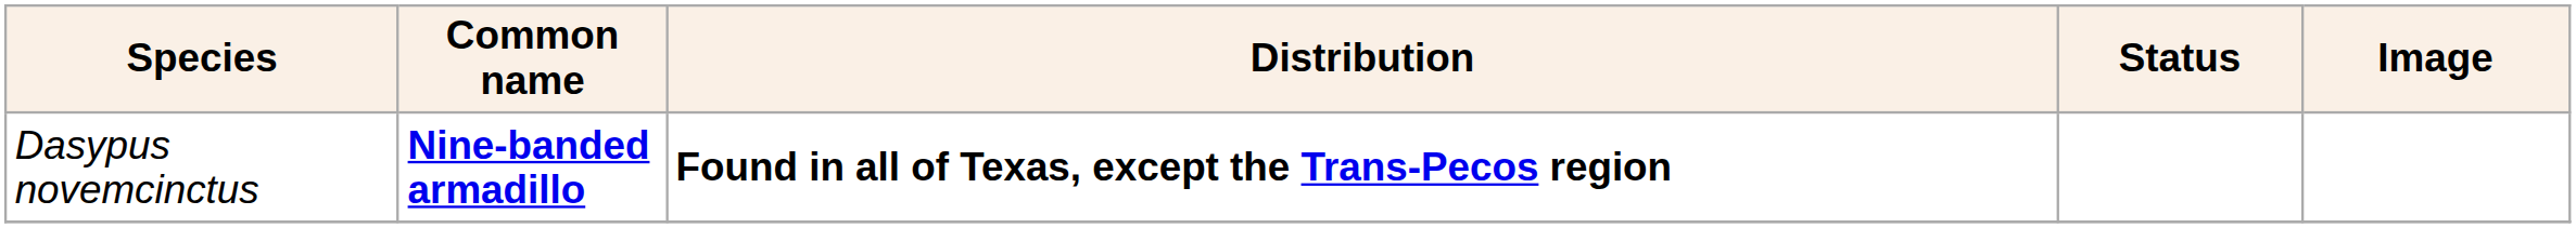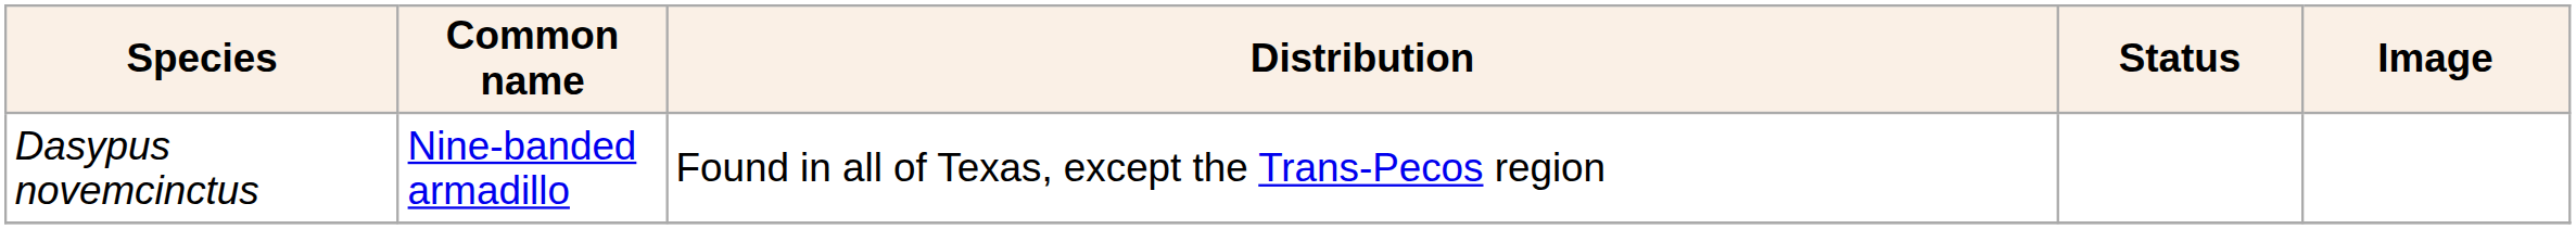 <table class="sortable wikitable plainrowheaders" border="0" style="background:#ffffff" align="top" class="sortable wikitable">
 <tr ->
 <th scope="col" style="background-color:Linen; color:Black" width=150 px>Species</th>
 <th scope="col" style="background-color:Linen; color:Black" width=100 px>Common name</th>
 <th scope="col" style="background:Linen; color:Black" width=550 px>Distribution</th>
 <th scope="col" style="background-color:Linen; color:Black" width=90 px>Status</th>
 <th scope="col" style="background:Linen; color:Black" width=100 px>Image</th>
 </tr>
 <tr>
 <td !scope="row" style="background:#ffffff"><em>Dasypus novemcinctus</em></td>
-<td><strong><a href='#'>Nine-banded armadillo</a></strong></td>
-<td><strong>Found in all of Texas, except the <a href='#'>Trans-Pecos</a> region</strong></td>
+<td><a href='#'>Nine-banded armadillo</a></td>
+<td>Found in all of Texas, except the <a href='#'>Trans-Pecos</a> region</td>
 <td></td>
 <td></td>
 </tr>
 <tr>
 </tr>
 </table>
